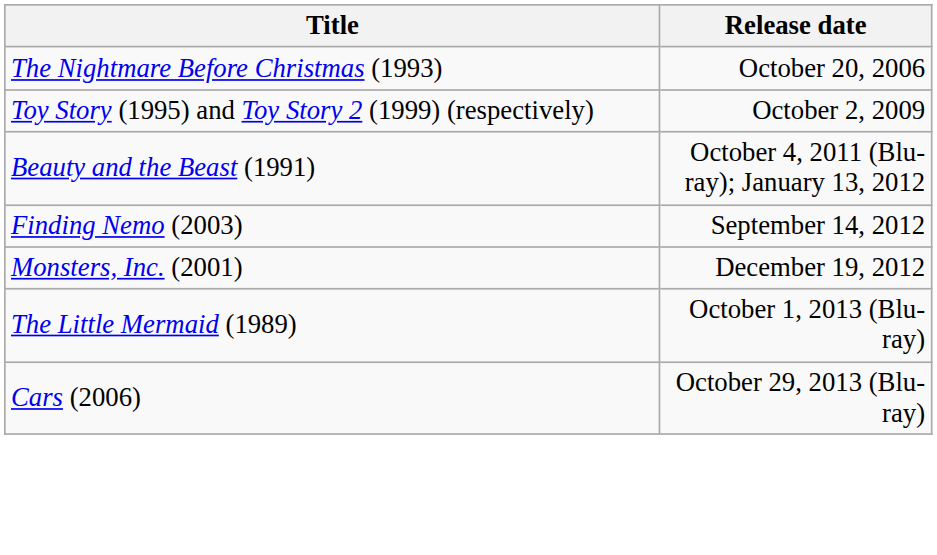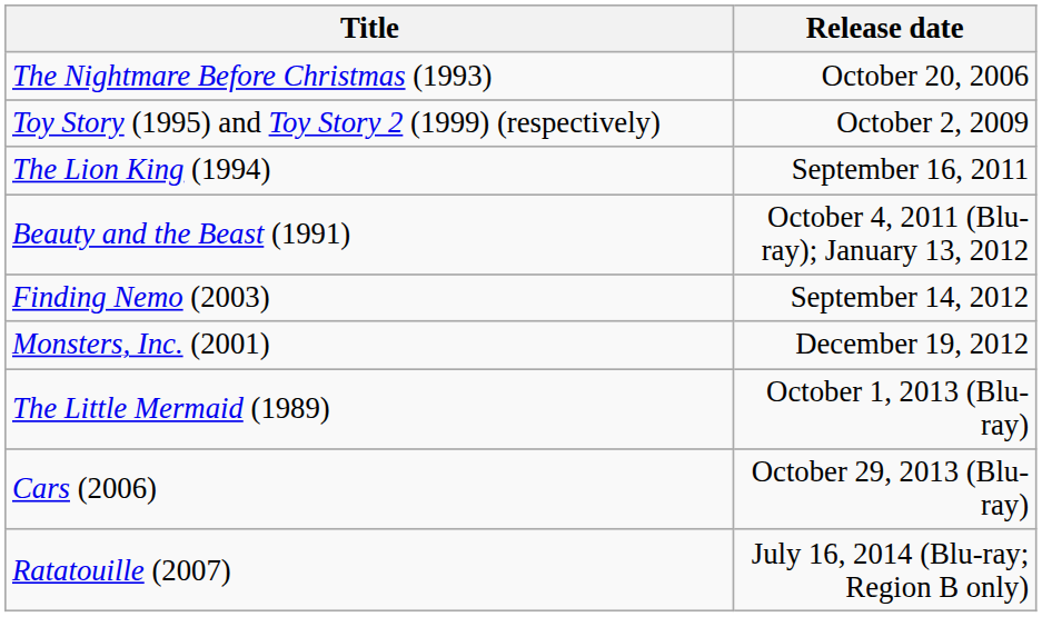 <table class="wikitable sortable">
 <tr>
 <th width="385px">Title</th>
 <th width="155px">Release date</th>
 </tr>
 <tr>
 <td><em><a href='#'>The Nightmare Before Christmas</a></em> (1993)</td>
 <td style="text-align:right;">October 20, 2006</td>
 </tr>
 <tr>
 <td><em><a href='#'>Toy Story</a></em> (1995) and <em><a href='#'>Toy Story 2</a></em> (1999) (respectively)</td>
 <td style="text-align:right;">October 2, 2009</td>
+</tr>
+<tr>
+<td><em><a href='#'>The Lion King</a></em> (1994)</td>
+<td style="text-align:right;">September 16, 2011</td>
 </tr>
 <tr>
 <td><em><a href='#'>Beauty and the Beast</a></em> (1991)</td>
 <td style="text-align:right;">October 4, 2011 (Blu-ray); January 13, 2012</td>
 </tr>
 <tr>
 <td><em><a href='#'>Finding Nemo</a></em> (2003)</td>
 <td style="text-align:right;">September 14, 2012</td>
 </tr>
 <tr>
 <td><em><a href='#'>Monsters, Inc.</a></em> (2001)</td>
 <td style="text-align:right;">December 19, 2012</td>
 </tr>
 <tr>
 <td><em><a href='#'>The Little Mermaid</a></em> (1989)</td>
 <td style="text-align:right;">October 1, 2013 (Blu-ray)</td>
 </tr>
 <tr>
 <td><em><a href='#'>Cars</a></em> (2006)</td>
 <td style="text-align:right;">October 29, 2013 (Blu-ray)</td>
 </tr>
+<tr>
+<td><em><a href='#'>Ratatouille</a></em> (2007)</td>
+<td style="text-align:right;">July 16, 2014 (Blu-ray; Region B only)</td>
+</tr>
 </table>
